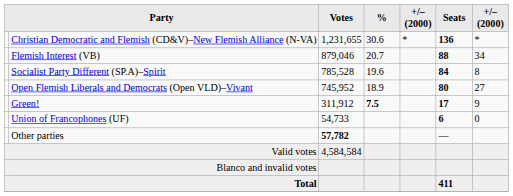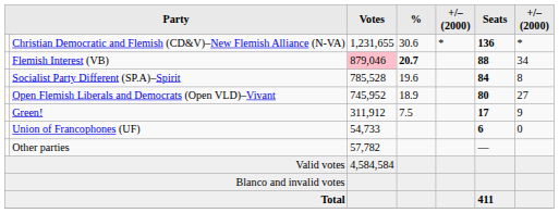 <table class="wikitable" font-size=95%>
 <tr>
 <th style="background-color:#E9E9E9" align=left colspan=2 width=300>Party</th>
 <th style="background-color:#E9E9E9" align=left width=50>Votes</th>
 <th style="background-color:#E9E9E9" align=left width=50>%</th>
 <th style="background-color:#E9E9E9" align=left width=50>+/– (2000)</th>
 <th style="background-color:#E9E9E9" align=left width=50>Seats</th>
 <th style="background-color:#E9E9E9" align=left width=50>+/– (2000)</th>
 </tr>
 <tr>
 <td></td>
 <td align=left><a href='#'>Christian Democratic and Flemish</a> (CD&V)–<a href='#'>New Flemish Alliance</a> (N-VA)</td>
 <td>1,231,655</td>
 <td>30.6</td>
 <td>*</td>
 <td><strong>136</strong></td>
 <td>*</td>
 </tr>
 <tr>
 <td></td>
 <td align=left><a href='#'>Flemish Interest</a> (VB)</td>
-<td>879,046</td>
-<td>20.7</td>
+<td style="background: pink;">879,046</td>
+<td><strong>20.7</strong></td>
 <td></td>
 <td><strong>88</strong></td>
 <td> 34</td>
 </tr>
 <tr>
 <td></td>
 <td align=left><a href='#'>Socialist Party Different</a> (SP.A)–<a href='#'>Spirit</a></td>
 <td>785,528</td>
 <td>19.6</td>
 <td></td>
 <td><strong>84</strong></td>
 <td> 8</td>
 </tr>
 <tr>
 <td></td>
 <td align=left><a href='#'>Open Flemish Liberals and Democrats</a> (Open VLD)–<a href='#'>Vivant</a></td>
 <td>745,952</td>
 <td>18.9</td>
 <td></td>
 <td><strong>80</strong></td>
 <td> 27</td>
 </tr>
 <tr>
 <td></td>
 <td align=left><a href='#'>Green!</a></td>
 <td>311,912</td>
-<td><strong>7.5</strong></td>
+<td>7.5</td>
 <td></td>
 <td><strong>17</strong></td>
 <td> 9</td>
 </tr>
 <tr>
 <td></td>
 <td align=left><a href='#'>Union of Francophones</a> (UF)</td>
 <td>54,733</td>
 <td></td>
 <td></td>
 <td><strong>6</strong></td>
 <td> 0</td>
 </tr>
 <tr>
 <td></td>
 <td align=left>Other parties</td>
-<td><strong>57,782</strong></td>
+<td>57,782</td>
 <td></td>
 <td></td>
 <td>—</td>
 <td></td>
 </tr>
 <tr bgcolor=efefef>
 <td colspan=2 align=right>Valid votes</td>
 <td>4,584,584</td>
 <td></td>
 <td></td>
 <td></td>
 <td></td>
 </tr>
 <tr bgcolor=efefef>
 <td colspan=2 align=right>Blanco and invalid votes</td>
 <td></td>
 <td></td>
 <td></td>
 <td></td>
 <td></td>
 </tr>
 <tr bgcolor=efefef>
 <td colspan=2 align=right><strong>Total</strong></td>
 <td></td>
 <td></td>
 <td></td>
 <td><strong>411</strong></td>
 <td></td>
 </tr>
 <tr>
 </tr>
 </table>
